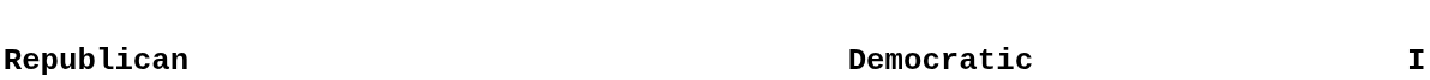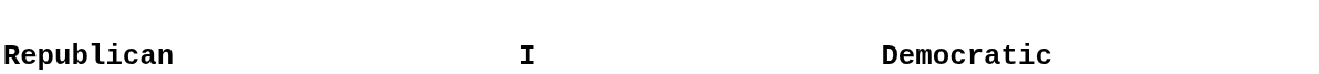 <table style="width:60%; text-align:center">
 <tr style="color:white">
 <td style="background:"><strong>229</strong></td>
+<td style="background:"><strong>1</strong></td>
 <td style="background:"><strong>205</strong></td>
-<td style="background:"><strong>1</strong></td>
 </tr>
 <tr>
 <td><span><strong>Republican</strong></span></td>
+<td><span><strong>I</strong></span></td>
 <td><span><strong>Democratic</strong></span></td>
-<td><span><strong>I</strong></span></td>
 </tr>
 </table>
